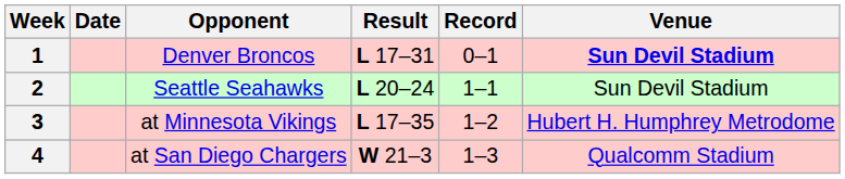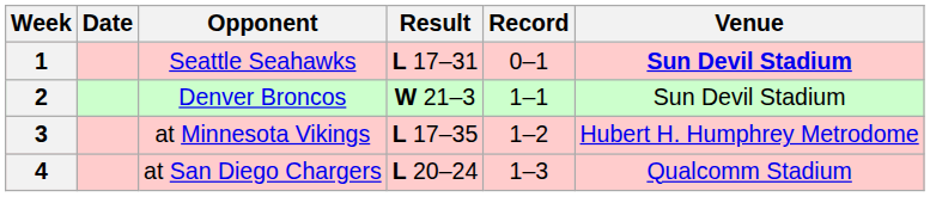 <table class="wikitable" style="text-align:center">
 <tr>
 <th>Week</th>
 <th>Date</th>
 <th>Opponent</th>
 <th>Result</th>
 <th>Record</th>
 <th>Venue</th>
 </tr>
 <tr style="background:#fcc">
 <th>1</th>
 <td></td>
-<td><a href='#'>Denver Broncos</a></td>
+<td><a href='#'>Seattle Seahawks</a></td>
 <td><strong>L</strong> 17–31</td>
 <td>0–1</td>
 <td><strong><a href='#'>Sun Devil Stadium</a></strong></td>
 </tr>
 <tr style="background:#cfc">
 <th>2</th>
 <td></td>
-<td><a href='#'>Seattle Seahawks</a></td>
-<td><strong>L</strong> 20–24</td>
+<td><a href='#'>Denver Broncos</a></td>
+<td><strong>W</strong> 21–3</td>
 <td>1–1</td>
 <td>Sun Devil Stadium</td>
 </tr>
 <tr style="background:#fcc">
 <th>3</th>
 <td></td>
 <td>at <a href='#'>Minnesota Vikings</a></td>
 <td><strong>L</strong> 17–35</td>
 <td>1–2</td>
 <td><a href='#'>Hubert H. Humphrey Metrodome</a></td>
 </tr>
 <tr style="background:#fcc">
 <th>4</th>
 <td></td>
 <td>at <a href='#'>San Diego Chargers</a></td>
-<td><strong>W</strong> 21–3</td>
+<td><strong>L</strong> 20–24</td>
 <td>1–3</td>
 <td><a href='#'>Qualcomm Stadium</a></td>
 </tr>
 </table>
